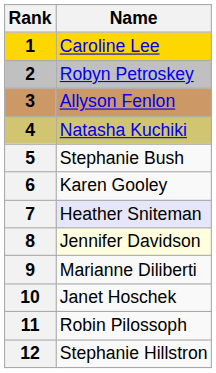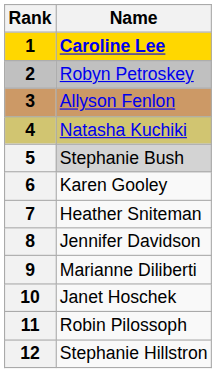 <table class="wikitable">
 <tr>
 <th>Rank</th>
 <th>Name</th>
 </tr>
 <tr bgcolor="gold">
 <td align="center"><strong>1</strong></td>
-<td><a href='#'>Caroline Lee</a></td>
+<td><strong><a href='#'>Caroline Lee</a></strong></td>
 </tr>
 <tr bgcolor="silver">
 <td align="center"><strong>2</strong></td>
 <td><a href='#'>Robyn Petroskey</a></td>
 </tr>
 <tr bgcolor="cc9966">
 <td align="center"><strong>3</strong></td>
 <td><a href='#'>Allyson Fenlon</a></td>
 </tr>
 <tr bgcolor="#d1c571">
 <td align="center"><strong>4</strong></td>
 <td><a href='#'>Natasha Kuchiki</a></td>
 </tr>
 <tr>
 <th>5</th>
-<td>Stephanie Bush</td>
+<td style="background: lightgrey;">Stephanie Bush</td>
 </tr>
 <tr>
 <th>6</th>
 <td>Karen Gooley</td>
 </tr>
 <tr>
 <th>7</th>
-<td style="background: lavender;">Heather Sniteman</td>
+<td>Heather Sniteman</td>
 </tr>
 <tr>
 <th>8</th>
-<td style="background: lightyellow;">Jennifer Davidson</td>
+<td>Jennifer Davidson</td>
 </tr>
 <tr>
 <th>9</th>
 <td>Marianne Diliberti</td>
 </tr>
 <tr>
 <th>10</th>
 <td>Janet Hoschek</td>
 </tr>
 <tr>
 <th>11</th>
 <td>Robin Pilossoph</td>
 </tr>
 <tr>
 <th>12</th>
 <td>Stephanie Hillstron</td>
 </tr>
 </table>
